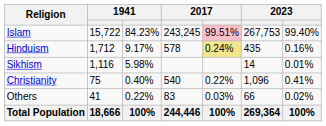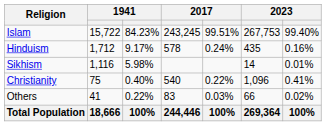 <table class="wikitable sortable">
 <tr>
 <th rowspan="2">Religion</th>
 <th colspan="2">1941</th>
 <th colspan="2">2017</th>
 <th colspan="2">2023</th>
 </tr>
 <tr>
 <th></th>
 <th></th>
 <th></th>
 <th></th>
 <th></th>
 <th></th>
 </tr>
 <tr>
 <td><a href='#'>Islam</a> </td>
 <td>15,722</td>
 <td>84.23%</td>
 <td>243,245</td>
-<td style="background: pink;">99.51%</td>
+<td>99.51%</td>
 <td>267,753</td>
 <td>99.40%</td>
 </tr>
 <tr>
 <td><a href='#'>Hinduism</a> </td>
 <td>1,712</td>
 <td>9.17%</td>
 <td>578</td>
-<td style="background: khaki;">0.24%</td>
+<td>0.24%</td>
 <td>435</td>
 <td>0.16%</td>
 </tr>
 <tr>
 <td><a href='#'>Sikhism</a> </td>
 <td>1,116</td>
 <td>5.98%</td>
 <td></td>
 <td></td>
 <td>14</td>
 <td>0.01%</td>
 </tr>
 <tr>
 <td><a href='#'>Christianity</a> </td>
 <td>75</td>
 <td>0.40%</td>
 <td>540</td>
 <td>0.22%</td>
 <td>1,096</td>
 <td>0.41%</td>
 </tr>
 <tr>
 <td>Others</td>
 <td>41</td>
 <td>0.22%</td>
 <td>83</td>
 <td>0.03%</td>
 <td>66</td>
 <td>0.02%</td>
 </tr>
 <tr>
 <th>Total Population</th>
 <th>18,666</th>
 <th>100%</th>
 <th>244,446</th>
 <th>100%</th>
 <th>269,364</th>
 <th>100%</th>
 </tr>
 </table>
